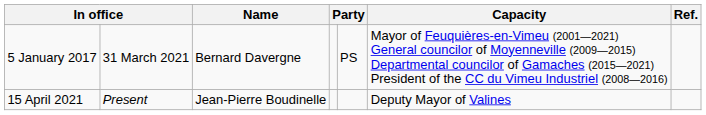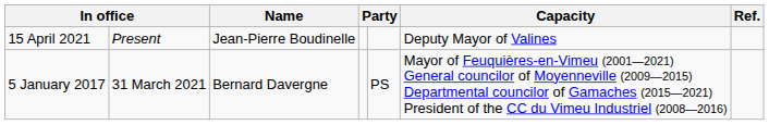 <table class="wikitable">
 <tr>
 <th colspan="2">In office</th>
 <th>Name</th>
 <th colspan="2">Party</th>
 <th>Capacity</th>
 <th>Ref.</th>
+</tr>
+<tr>
+<td>15 April 2021</td>
+<td><em>Present</em></td>
+<td>Jean-Pierre Boudinelle</td>
+<td></td>
+<td></td>
+<td>Deputy Mayor of <a href='#'>Valines</a></td>
+<td></td>
 </tr>
 <tr>
 <td>5 January 2017</td>
 <td>31 March 2021</td>
 <td>Bernard Davergne</td>
 <td style="background:"></td>
 <td>PS</td>
 <td>Mayor of <a href='#'>Feuquières-en-Vimeu</a> <small>(2001—2021)</small><br><a href='#'>General councilor</a> of <a href='#'>Moyenneville</a> <small>(2009—2015)</small><br><a href='#'>Departmental councilor</a> of <a href='#'>Gamaches</a> <small>(2015—2021)</small><br>President of the <a href='#'>CC du Vimeu Industriel</a> <small>(2008—2016)</small></td>
 <td></td>
 </tr>
-<tr>
-<td>15 April 2021</td>
-<td><em>Present</em></td>
-<td>Jean-Pierre Boudinelle</td>
-<td></td>
-<td></td>
-<td>Deputy Mayor of <a href='#'>Valines</a></td>
-<td></td>
-</tr>
 </table>
